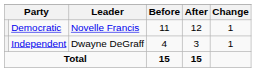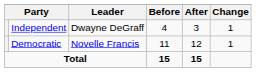 <table class="wikitable" style="text-align:center;">
 <tr>
 </tr>
 <tr>
 <th colspan="2">Party</th>
 <th>Leader</th>
 <th>Before</th>
 <th>After</th>
 <th>Change</th>
 </tr>
 <tr>
 <th style="background-color:"></th>
+<td style="text-align:left;"><a href='#'>Independent</a></td>
+<td style="text-align:left;">Dwayne DeGraff</td>
+<td>4</td>
+<td>3</td>
+<td> 1</td>
+</tr>
+<tr>
+<th style="background-color:"></th>
 <td style="text-align:left;"><a href='#'>Democratic</a></td>
 <td style="text-align:left;"><a href='#'>Novelle Francis</a></td>
 <td>11</td>
 <td>12</td>
-<td> 1</td>
-</tr>
-<tr>
-<th style="background-color:"></th>
-<td style="text-align:left;"><a href='#'>Independent</a></td>
-<td style="text-align:left;">Dwayne DeGraff</td>
-<td>4</td>
-<td>3</td>
 <td> 1</td>
 </tr>
 <tr>
 <td colspan="3"><strong>Total</strong></td>
 <td><strong>15</strong></td>
 <td><strong>15</strong></td>
 <td></td>
 </tr>
 </table>
